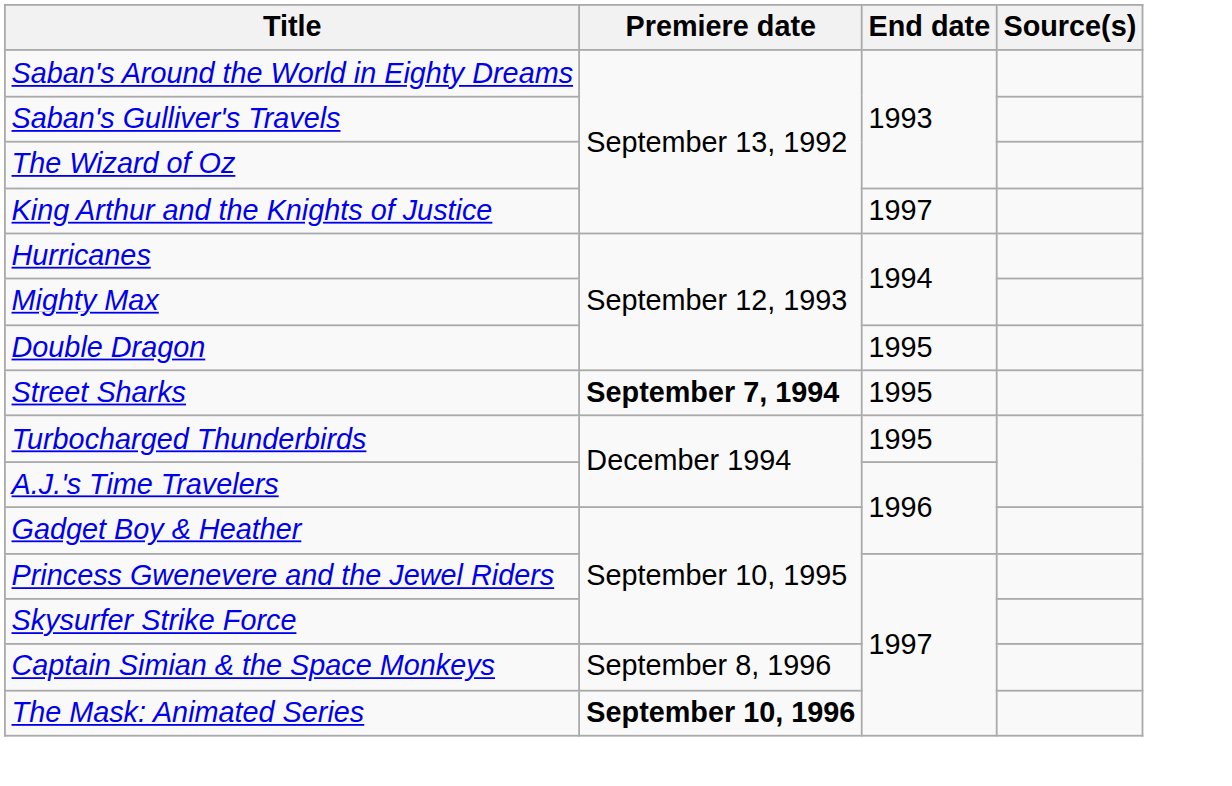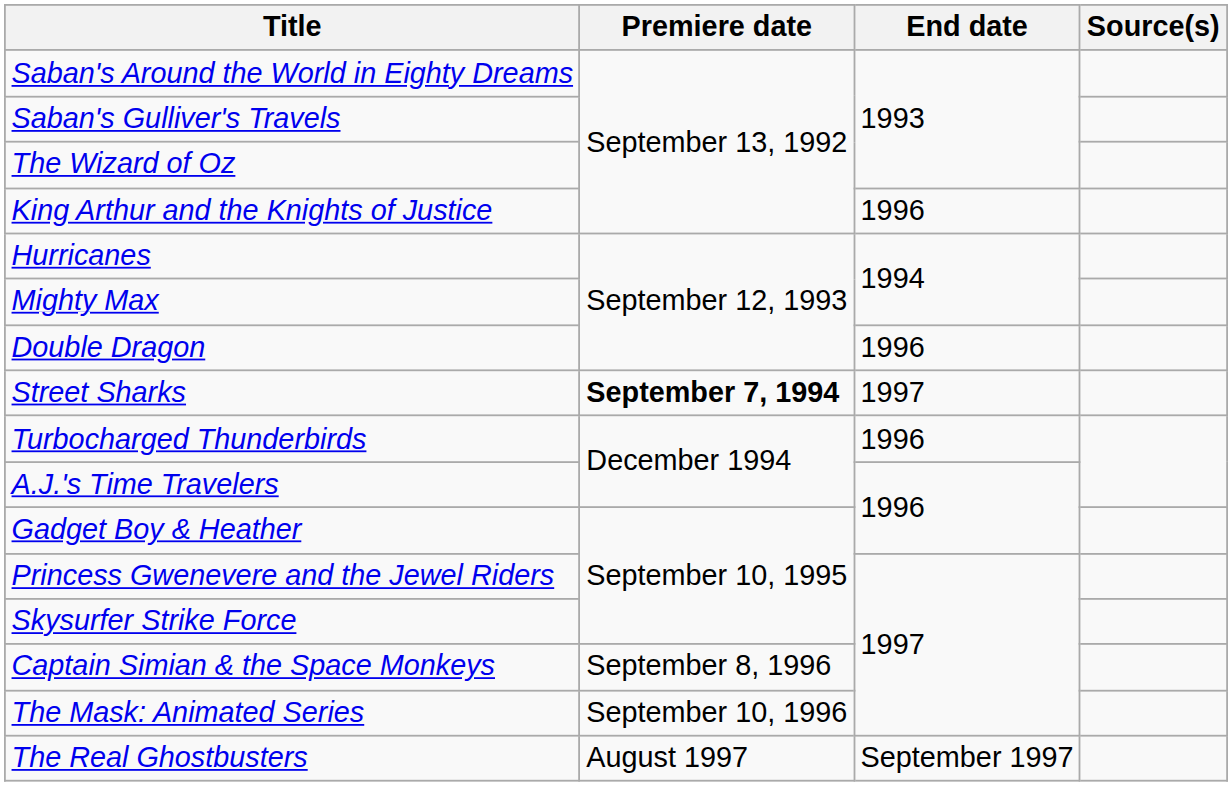 <table class="wikitable sortable">
 <tr>
 <th>Title</th>
 <th>Premiere date</th>
 <th>End date</th>
 <th>Source(s)</th>
 </tr>
 <tr>
 <td><em><a href='#'>Saban's Around the World in Eighty Dreams</a></em></td>
 <td rowspan=4>September 13, 1992</td>
 <td rowspan=3>1993</td>
 <td></td>
 </tr>
 <tr>
 <td><em><a href='#'>Saban's Gulliver's Travels</a></em></td>
 <td></td>
 </tr>
 <tr>
 <td><em><a href='#'>The Wizard of Oz</a></em></td>
 <td></td>
 </tr>
 <tr>
 <td><em><a href='#'>King Arthur and the Knights of Justice</a></em></td>
-<td>1997</td>
+<td>1996</td>
 <td></td>
 </tr>
 <tr>
 <td><em><a href='#'>Hurricanes</a></em></td>
 <td rowspan=3>September 12, 1993</td>
 <td rowspan=2>1994</td>
 <td></td>
 </tr>
 <tr>
 <td><em><a href='#'>Mighty Max</a></em></td>
 <td></td>
 </tr>
 <tr>
 <td><em><a href='#'>Double Dragon</a></em></td>
-<td>1995</td>
+<td>1996</td>
 <td></td>
 </tr>
 <tr>
 <td><em><a href='#'>Street Sharks</a></em></td>
 <td><strong>September 7, 1994</strong></td>
-<td>1995</td>
+<td>1997</td>
 <td></td>
 </tr>
 <tr>
 <td><em><a href='#'>Turbocharged Thunderbirds</a></em></td>
 <td rowspan=2>December 1994</td>
-<td>1995</td>
+<td>1996</td>
 </tr>
 <tr>
 <td><em><a href='#'>A.J.'s Time Travelers</a></em></td>
 <td rowspan=2>1996</td>
 </tr>
 <tr>
 <td><em><a href='#'>Gadget Boy & Heather</a></em></td>
 <td rowspan=3>September 10, 1995</td>
 <td></td>
 </tr>
 <tr>
 <td><em><a href='#'>Princess Gwenevere and the Jewel Riders</a></em></td>
 <td rowspan=4>1997</td>
 <td></td>
 </tr>
 <tr>
 <td><em><a href='#'>Skysurfer Strike Force</a></em></td>
 <td></td>
 </tr>
 <tr>
 <td><em><a href='#'>Captain Simian & the Space Monkeys</a></em></td>
 <td>September 8, 1996</td>
 <td></td>
 </tr>
 <tr>
 <td><em><a href='#'>The Mask: Animated Series</a></em></td>
-<td><strong>September 10, 1996</strong></td>
+<td>September 10, 1996</td>
+<td></td>
+</tr>
+<tr>
+<td><em><a href='#'>The Real Ghostbusters</a></em></td>
+<td>August 1997</td>
+<td>September 1997</td>
 <td></td>
 </tr>
 </table>
